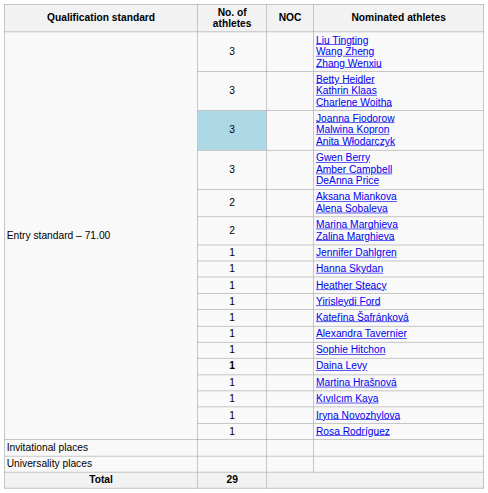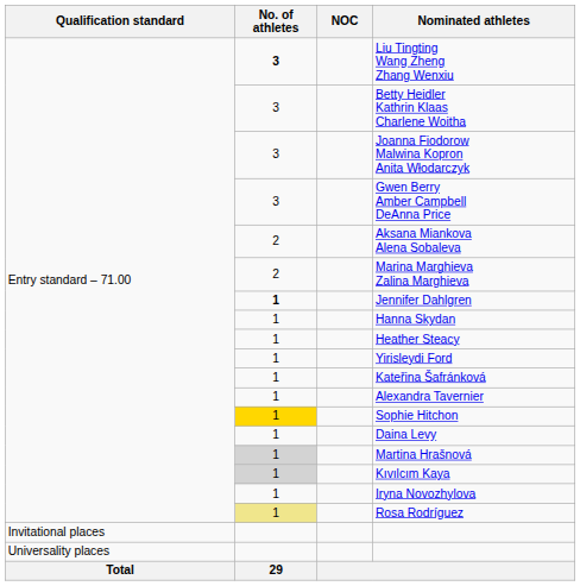 <table class="wikitable"  style="text-align:left; width:750px;">
 <tr>
 <th>Qualification standard</th>
 <th width=100>No. of athletes</th>
 <th>NOC</th>
 <th>Nominated athletes</th>
 </tr>
 <tr>
 <td rowspan=18>Entry standard – 71.00</td>
-<td style="text-align:center;">3</td>
+<td style="text-align:center;"><strong>3</strong></td>
 <td></td>
 <td><a href='#'>Liu Tingting</a><br><a href='#'>Wang Zheng</a><br><a href='#'>Zhang Wenxiu</a></td>
 </tr>
 <tr>
 <td style="text-align:center;">3</td>
 <td></td>
 <td><a href='#'>Betty Heidler</a><br><a href='#'>Kathrin Klaas</a><br><a href='#'>Charlene Woitha</a></td>
 </tr>
 <tr>
-<td style="background: lightblue; text-align:center;">3</td>
+<td style="text-align:center;">3</td>
 <td></td>
 <td><a href='#'>Joanna Fiodorow</a><br><a href='#'>Malwina Kopron</a><br><a href='#'>Anita Włodarczyk</a></td>
 </tr>
 <tr>
 <td style="text-align:center;">3</td>
 <td></td>
 <td><a href='#'>Gwen Berry</a><br><a href='#'>Amber Campbell</a><br><a href='#'>DeAnna Price</a></td>
 </tr>
 <tr>
 <td style="text-align:center;">2</td>
 <td></td>
 <td><a href='#'>Aksana Miankova</a><br><a href='#'>Alena Sobaleva</a></td>
 </tr>
 <tr>
 <td style="text-align:center;">2</td>
 <td></td>
 <td><a href='#'>Marina Marghieva</a><br><a href='#'>Zalina Marghieva</a></td>
 </tr>
 <tr>
-<td style="text-align:center;">1</td>
+<td style="text-align:center;"><strong>1</strong></td>
 <td></td>
 <td><a href='#'>Jennifer Dahlgren</a></td>
 </tr>
 <tr>
 <td style="text-align:center;">1</td>
 <td></td>
 <td><a href='#'>Hanna Skydan</a></td>
 </tr>
 <tr>
 <td style="text-align:center;">1</td>
 <td></td>
 <td><a href='#'>Heather Steacy</a> </td>
 </tr>
 <tr>
 <td style="text-align:center;">1</td>
 <td></td>
 <td><a href='#'>Yirisleydi Ford</a></td>
 </tr>
 <tr>
 <td style="text-align:center;">1</td>
 <td></td>
 <td><a href='#'>Kateřina Šafránková</a></td>
 </tr>
 <tr>
 <td style="text-align:center;">1</td>
 <td></td>
 <td><a href='#'>Alexandra Tavernier</a></td>
 </tr>
 <tr>
-<td style="text-align:center;">1</td>
+<td style="background: gold; text-align:center;">1</td>
 <td></td>
 <td><a href='#'>Sophie Hitchon</a></td>
 </tr>
 <tr>
-<td style="text-align:center;"><strong>1</strong></td>
+<td style="text-align:center;">1</td>
 <td></td>
 <td><a href='#'>Daina Levy</a></td>
 </tr>
 <tr>
-<td style="text-align:center;">1</td>
+<td style="background: lightgrey; text-align:center;">1</td>
 <td></td>
 <td><a href='#'>Martina Hrašnová</a></td>
 </tr>
 <tr>
-<td style="text-align:center;">1</td>
+<td style="background: lightgrey; text-align:center;">1</td>
 <td></td>
 <td><a href='#'>Kıvılcım Kaya</a></td>
 </tr>
 <tr>
 <td style="text-align:center;">1</td>
 <td></td>
 <td><a href='#'>Iryna Novozhylova</a></td>
 </tr>
 <tr>
-<td style="text-align:center;">1</td>
+<td style="background: khaki; text-align:center;">1</td>
 <td></td>
 <td><a href='#'>Rosa Rodríguez</a></td>
 </tr>
 <tr>
 <td>Invitational places</td>
 <td></td>
 <td></td>
 <td></td>
 </tr>
 <tr>
 <td>Universality places</td>
 <td></td>
 <td></td>
 <td></td>
 </tr>
 <tr>
 <th>Total</th>
 <th>29</th>
 <th colspan=2></th>
 </tr>
 </table>
